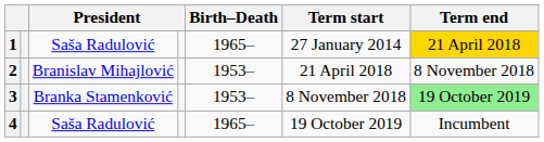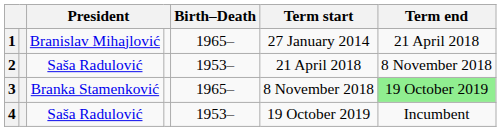 <table class="wikitable" style="text-align:center">
 <tr>
 <th colspan="2"></th>
 <th colspan="2">President</th>
 <th>Birth–Death</th>
 <th>Term start</th>
 <th>Term end</th>
 </tr>
 <tr>
 <th>1</th>
 <th style="background:"></th>
-<td><a href='#'>Saša Radulović</a></td>
+<td><a href='#'>Branislav Mihajlović</a></td>
 <td></td>
 <td>1965–</td>
 <td>27 January 2014</td>
-<td style="background: gold;">21 April 2018</td>
+<td>21 April 2018</td>
 </tr>
 <tr>
 <th>2</th>
 <th style="background:"></th>
-<td><a href='#'>Branislav Mihajlović</a></td>
+<td><a href='#'>Saša Radulović</a></td>
 <td></td>
 <td>1953–</td>
 <td>21 April 2018</td>
 <td>8 November 2018</td>
 </tr>
 <tr>
 <th>3</th>
 <th style="background:"></th>
 <td><a href='#'>Branka Stamenković</a></td>
 <td></td>
-<td>1953–</td>
+<td>1965–</td>
 <td>8 November 2018</td>
 <td style="background: lightgreen;">19 October 2019</td>
 </tr>
 <tr>
 <th>4</th>
 <th style="background:"></th>
 <td><a href='#'>Saša Radulović</a></td>
 <td></td>
-<td>1965–</td>
+<td>1953–</td>
 <td>19 October 2019</td>
 <td>Incumbent</td>
 </tr>
 </table>
